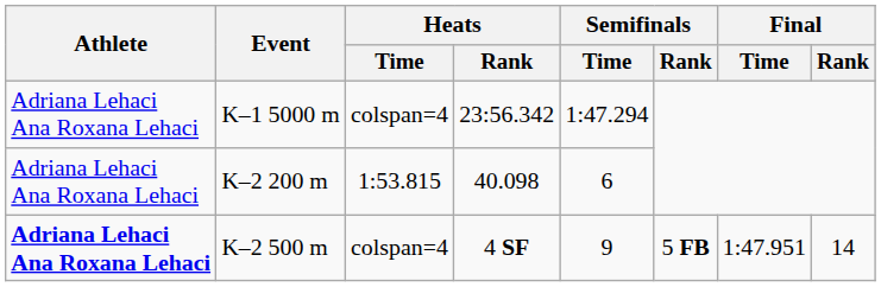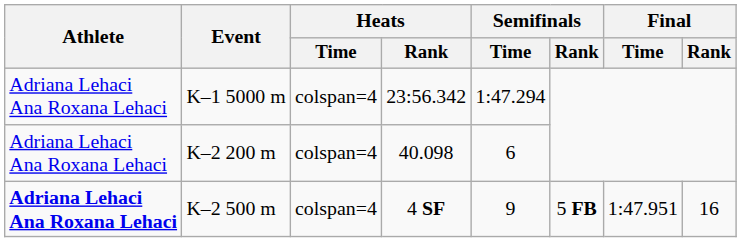 <table class=wikitable style="font-size:90%">
 <tr>
 <th rowspan="2">Athlete</th>
 <th rowspan="2">Event</th>
 <th colspan=2>Heats</th>
 <th colspan=2>Semifinals</th>
 <th colspan=2>Final</th>
 </tr>
 <tr style="font-size:95%">
 <th>Time</th>
 <th>Rank</th>
 <th>Time</th>
 <th>Rank</th>
 <th>Time</th>
 <th>Rank</th>
 </tr>
 <tr align=center>
 <td align=left><a href='#'>Adriana Lehaci</a><br><a href='#'>Ana Roxana Lehaci</a></td>
 <td align=left>K–1 5000 m</td>
 <td>colspan=4</td>
 <td>23:56.342</td>
 <td>1:47.294</td>
 </tr>
 <tr align=center>
 <td align=left><a href='#'>Adriana Lehaci</a><br><a href='#'>Ana Roxana Lehaci</a></td>
 <td align=left>K–2 200 m</td>
-<td>1:53.815</td>
+<td>colspan=4</td>
 <td>40.098</td>
 <td>6</td>
 </tr>
 <tr align=center>
 <td align=left><strong><a href='#'>Adriana Lehaci</a><br><a href='#'>Ana Roxana Lehaci</a></strong></td>
 <td align=left>K–2 500 m</td>
 <td>colspan=4</td>
 <td>4 <strong>SF</strong></td>
 <td>9</td>
 <td>5 <strong>FB</strong></td>
 <td>1:47.951</td>
-<td>14</td>
+<td>16</td>
 </tr>
 </table>
